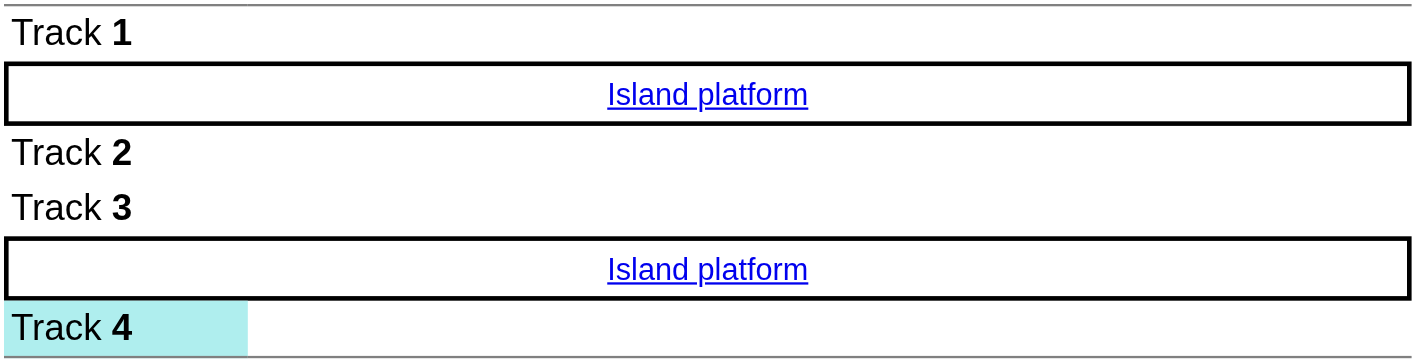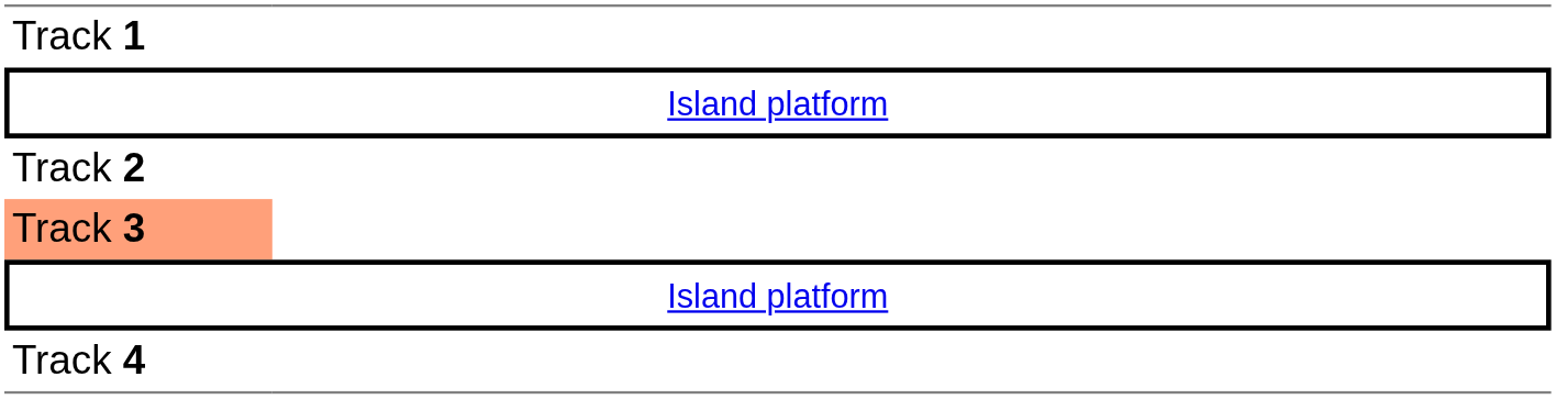 <table cellspacing=0 cellpadding=3>
 <tr>
 <td style="border-top:solid 1px gray;" width=100>Track <strong>1</strong></td>
 <td style="border-top:solid 1px gray;" width=500></td>
 </tr>
 <tr>
 <td style="border-top:solid 2px black;border-right:solid 2px black;border-left:solid 2px black;border-bottom:solid 2px black;text-align:center;" colspan=2><small><a href='#'>Island platform</a> </small></td>
 </tr>
 <tr>
 <td>Track <strong>2</strong></td>
 <td></td>
 </tr>
 <tr>
-<td>Track <strong>3</strong></td>
+<td style="background: lightsalmon;">Track <strong>3</strong></td>
 <td></td>
 </tr>
 <tr>
 <td style="border-top:solid 2px black;border-right:solid 2px black;border-left:solid 2px black;border-bottom:solid 2px black;text-align:center;" colspan=2><small><a href='#'>Island platform</a> </small></td>
 </tr>
 <tr>
-<td style="background: paleturquoise; border-bottom:solid 1px gray;" width=100>Track <strong>4</strong></td>
+<td style="border-bottom:solid 1px gray;" width=100>Track <strong>4</strong></td>
 <td style="border-bottom:solid 1px gray;" width=500></td>
 </tr>
 </table>
